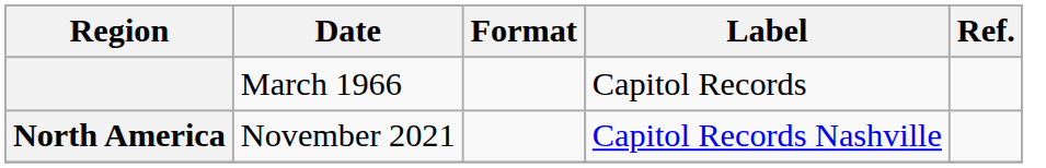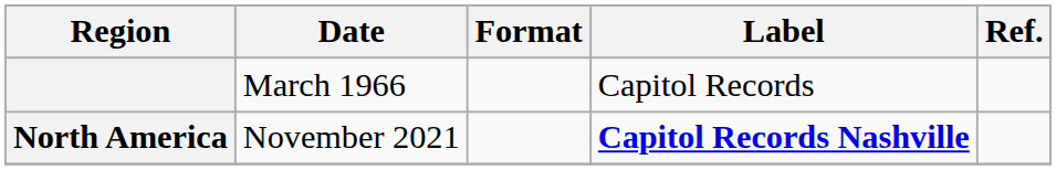 <table class="wikitable plainrowheaders">
 <tr>
 <th scope="col">Region</th>
 <th scope="col">Date</th>
 <th scope="col">Format</th>
 <th scope="col">Label</th>
 <th scope="col">Ref.</th>
 </tr>
 <tr>
 <th scope="row"></th>
 <td>March 1966</td>
 <td></td>
 <td>Capitol Records</td>
 <td></td>
 </tr>
 <tr>
 <th scope="row">North America</th>
 <td>November 2021</td>
 <td></td>
-<td><a href='#'>Capitol Records Nashville</a></td>
+<td><strong><a href='#'>Capitol Records Nashville</a></strong></td>
 <td></td>
 </tr>
 <tr>
 </tr>
 </table>
